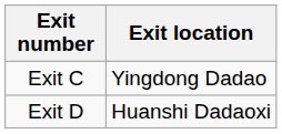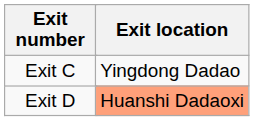 <table class="wikitable">
 <tr>
 <th style="width:70px" colspan="2">Exit number</th>
 <th>Exit location</th>
 </tr>
 <tr>
 <td align="center" colspan="2">Exit C</td>
 <td>Yingdong Dadao</td>
 </tr>
 <tr>
 <td align="center" colspan="2">Exit D</td>
-<td>Huanshi Dadaoxi</td>
+<td style="background: lightsalmon;">Huanshi Dadaoxi</td>
 </tr>
 </table>
